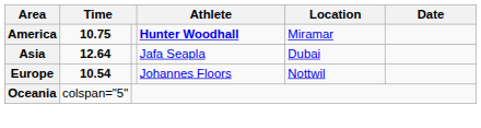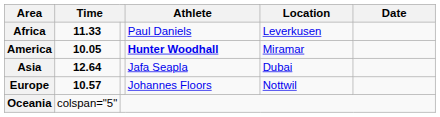 <table class="wikitable">
 <tr>
 <th width="45">Area</th>
 <th width="80" colspan="2">Time</th>
 <th width="200">Athlete</th>
 <th width="130">Location</th>
 <th width="120">Date</th>
 </tr>
 <tr>
+<th>Africa</th>
+<td align="center"><strong>11.33</strong></td>
+<td align="center"></td>
+<td> <a href='#'>Paul Daniels</a></td>
+<td> <a href='#'>Leverkusen</a></td>
+<td align="right"></td>
+</tr>
+<tr>
 <th>America</th>
-<td align="center"><strong>10.75</strong></td>
+<td align="center"><strong>10.05</strong></td>
 <td align="center"></td>
 <td><strong> <a href='#'>Hunter Woodhall</a></strong></td>
 <td> <a href='#'>Miramar</a></td>
 <td align="right"></td>
 </tr>
 <tr>
 <th>Asia</th>
 <td align="center"><strong>12.64</strong></td>
 <td align="center"></td>
 <td> <a href='#'>Jafa Seapla</a></td>
 <td> <a href='#'>Dubai</a></td>
 <td align="right"></td>
 </tr>
 <tr>
 <th>Europe</th>
-<td align="center"><strong>10.54</strong></td>
+<td align="center"><strong>10.57</strong></td>
 <td align="center"><strong></strong></td>
 <td> <a href='#'>Johannes Floors</a></td>
 <td> <a href='#'>Nottwil</a></td>
 <td align="right"></td>
 </tr>
 <tr>
 <th>Oceania</th>
 <td>colspan="5" </td>
 </tr>
 </table>
